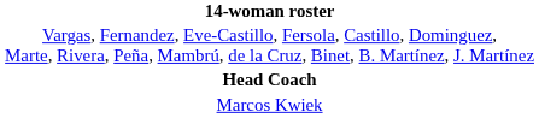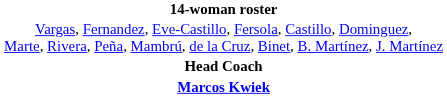 <table style="text-align: center; margin-top: 2em; margin-left: auto; margin-right: auto;">
 <tr>
 <th>14-woman roster</th>
 </tr>
 <tr>
 <td><a href='#'>Vargas</a>, <a href='#'>Fernandez</a>, <a href='#'>Eve-Castillo</a>, <a href='#'>Fersola</a>, <a href='#'>Castillo</a>, <a href='#'>Dominguez</a>,<br> <a href='#'>Marte</a>, <a href='#'>Rivera</a>, <a href='#'>Peña</a>, <a href='#'>Mambrú</a>, <a href='#'>de la Cruz</a>, <a href='#'>Binet</a>, <a href='#'>B. Martínez</a>, <a href='#'>J. Martínez</a></td>
 </tr>
 <tr>
 <th>Head Coach</th>
 </tr>
 <tr>
-<td><a href='#'>Marcos Kwiek</a></td>
+<td><strong><a href='#'>Marcos Kwiek</a></strong></td>
 </tr>
 </table>
